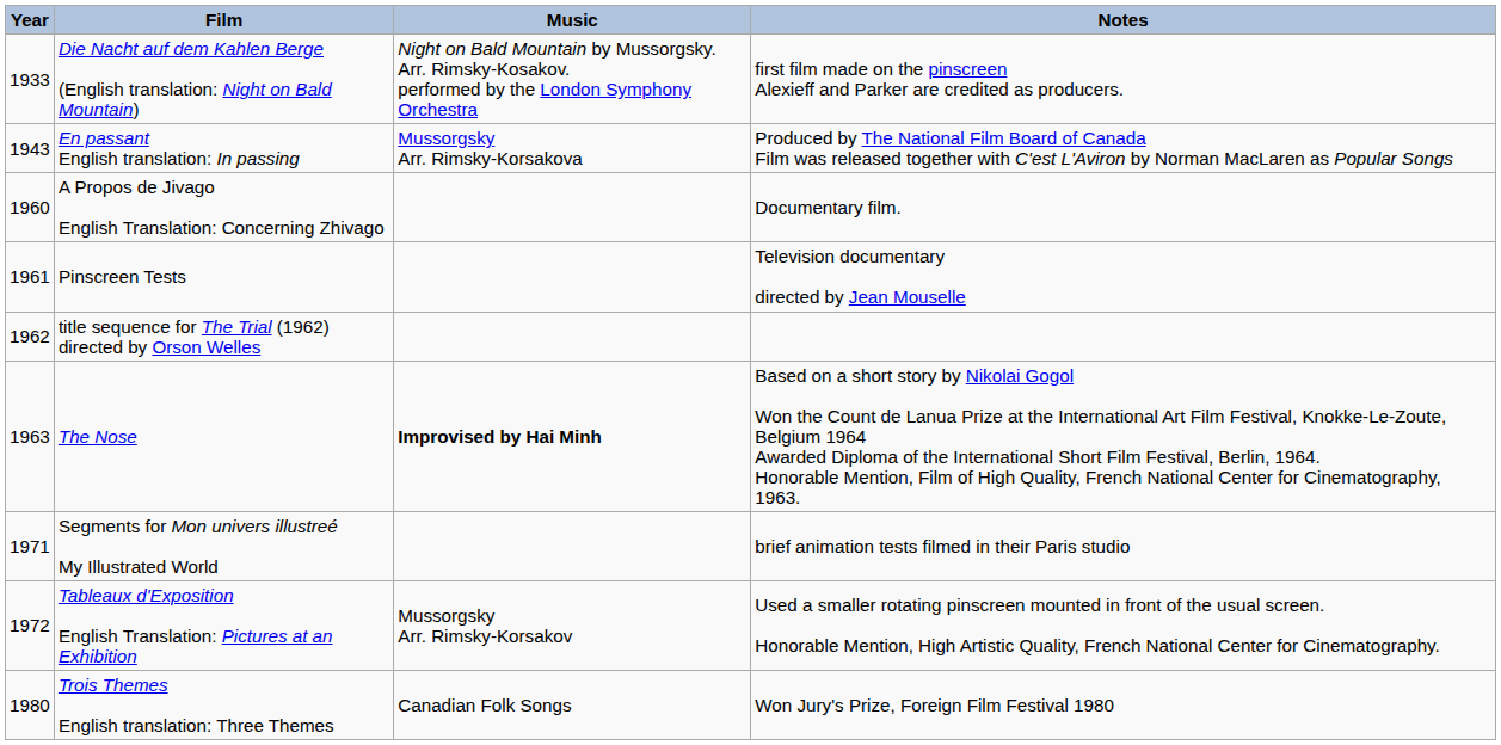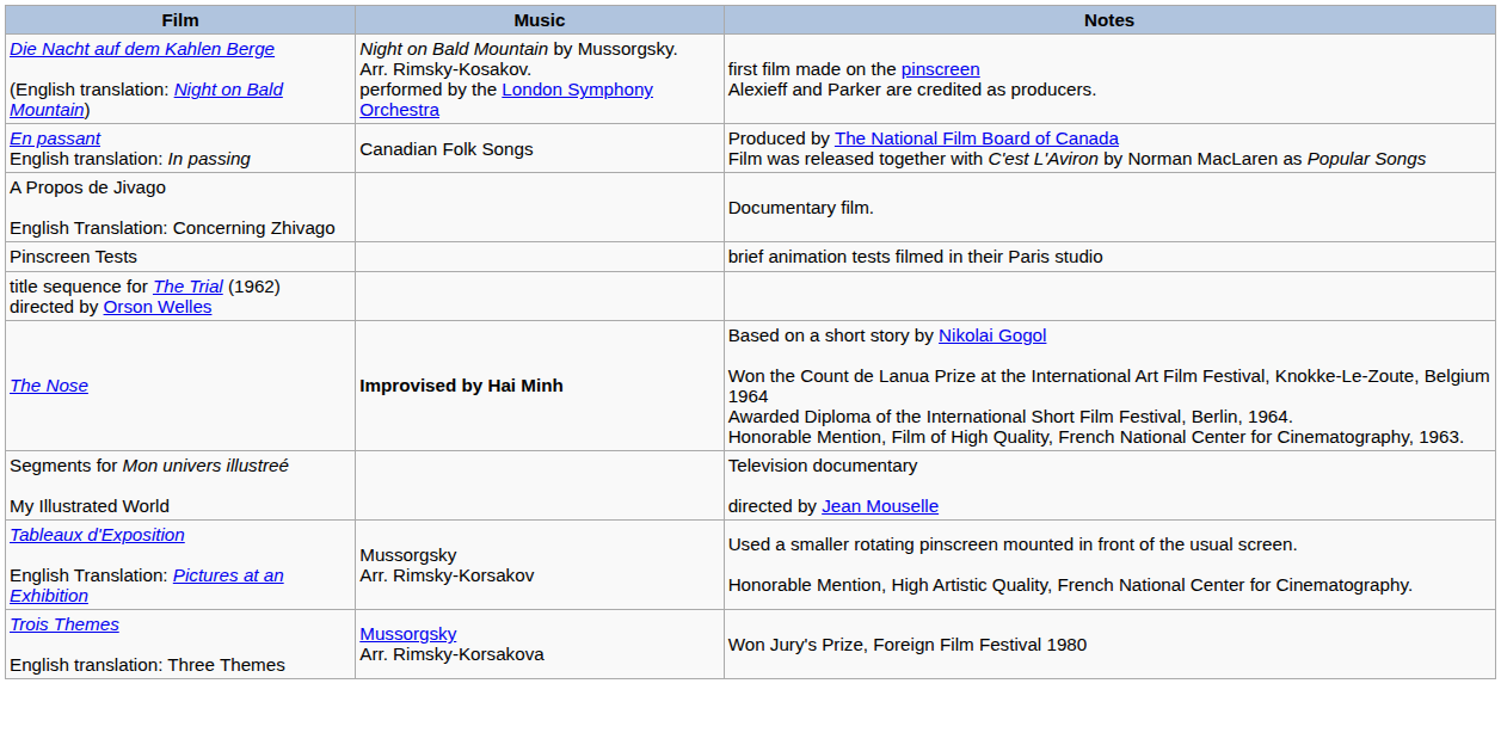 <table class="wikitable" style="font-size:95%;">
 <tr>
-<th style="background:#B0C4DE;">Year</th>
 <th style="background:#B0C4DE;">Film</th>
 <th style="background:#B0C4DE;">Music</th>
 <th style="background:#B0C4DE;">Notes</th>
 </tr>
 <tr>
-<td>1933</td>
 <td><em><a href='#'>Die Nacht auf dem Kahlen Berge</a></em><br><br>(English translation: <em><a href='#'>Night on Bald Mountain</a></em>)</td>
 <td><em>Night on Bald Mountain</em> by Mussorgsky. <br> Arr. Rimsky-Kosakov. <br> performed by the <a href='#'>London Symphony Orchestra</a></td>
 <td>first film made on the <a href='#'>pinscreen</a><br>Alexieff and Parker are credited as producers.</td>
 </tr>
 <tr>
-<td>1943</td>
 <td><em><a href='#'>En passant</a></em> <br>English translation: <em>In passing</em></td>
-<td><a href='#'>Mussorgsky</a><br>Arr. Rimsky-Korsakova</td>
+<td>Canadian Folk Songs</td>
 <td>Produced by <a href='#'>The National Film Board of Canada</a><br>Film was released together with <em>C'est L'Aviron</em> by Norman MacLaren as <em>Popular Songs</em></td>
 </tr>
 <tr>
-<td>1960</td>
 <td>A Propos de Jivago<br><br>English Translation: Concerning Zhivago</td>
 <td></td>
 <td>Documentary film.</td>
 </tr>
 <tr>
-<td>1961</td>
 <td>Pinscreen Tests</td>
 <td></td>
-<td>Television documentary<br><br>directed by <a href='#'>Jean Mouselle</a></td>
+<td>brief animation tests filmed in their Paris studio</td>
 </tr>
 <tr>
-<td>1962</td>
 <td>title sequence for <em><a href='#'>The Trial</a></em> (1962) <br>directed by <a href='#'>Orson Welles</a></td>
 <td></td>
 <td></td>
 </tr>
 <tr>
-<td>1963</td>
 <td><em><a href='#'>The Nose</a></em></td>
 <td><strong>Improvised by Hai Minh</strong></td>
 <td>Based on a short story by <a href='#'>Nikolai Gogol</a><br><br>Won the Count de Lanua Prize at the International Art Film Festival, Knokke-Le-Zoute, Belgium 1964 <br>Awarded Diploma of the International Short Film Festival, Berlin, 1964. <br>Honorable Mention, Film of High Quality, French National Center for Cinematography, 1963.</td>
 </tr>
 <tr>
-<td>1971</td>
 <td>Segments for <em>Mon univers illustreé</em><br><br>My Illustrated World</td>
 <td></td>
-<td>brief animation tests filmed in their Paris studio</td>
+<td>Television documentary<br><br>directed by <a href='#'>Jean Mouselle</a></td>
 </tr>
 <tr>
-<td>1972</td>
 <td><em><a href='#'>Tableaux d'Exposition</a></em><br><br>English Translation: <em><a href='#'>Pictures at an Exhibition</a></em></td>
 <td>Mussorgsky<br>Arr. Rimsky-Korsakov</td>
 <td>Used a smaller rotating pinscreen mounted in front of the usual screen.<br><br>Honorable Mention, High Artistic Quality, French National Center for Cinematography.</td>
 </tr>
 <tr>
-<td>1980</td>
 <td><em><a href='#'>Trois Themes</a></em><br><br>English translation: Three Themes</td>
-<td>Canadian Folk Songs</td>
+<td><a href='#'>Mussorgsky</a><br>Arr. Rimsky-Korsakova</td>
 <td>Won Jury's Prize, Foreign Film Festival 1980</td>
 </tr>
 </table>
